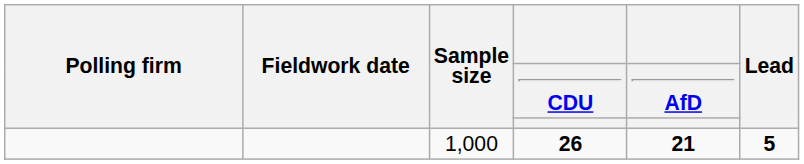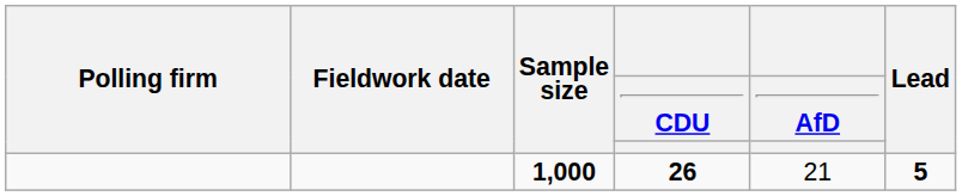 <table class="wikitable sortable" style="text-align:center;font-size:90%;line-height:14px;">
 <tr style="height:40px;">
 <th style="width:155px;" rowspan="3">Polling firm</th>
 <th style="width:120px;" rowspan="3">Fieldwork date</th>
 <th style="width:35px;" rowspan="3">Sample<br>size</th>
 <th class="unsortable" style="width:70px;"></th>
 <th class="unsortable" style="width:70px;"></th>
 <th style="width:30px;" rowspan="3">Lead</th>
 </tr>
 <tr>
 <th class="unsortable" style="width:40px;"><hr><a href='#'>CDU</a></th>
 <th class="unsortable" style="width:40px;"><hr><a href='#'>AfD</a></th>
 </tr>
 <tr>
 <th style="background:"></th>
 <th style="background:"></th>
 </tr>
 <tr>
 <td></td>
 <td></td>
-<td>1,000</td>
+<td><strong>1,000</strong></td>
 <td><strong>26</strong></td>
-<td><strong>21</strong></td>
+<td>21</td>
 <td style="background:"><strong>5</strong></td>
 </tr>
 </table>
